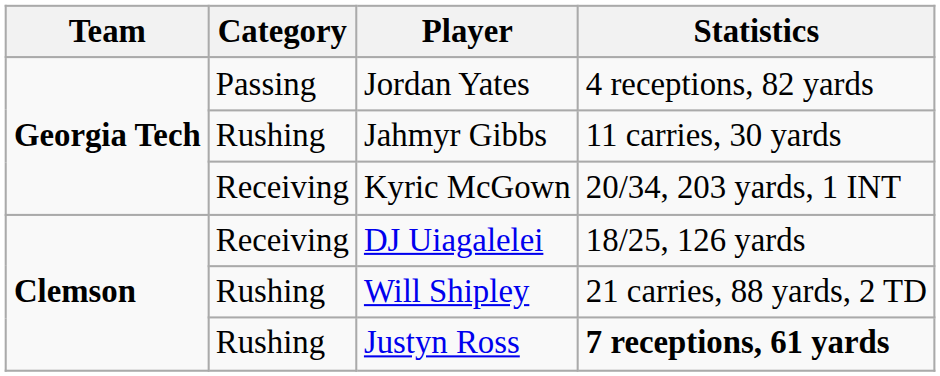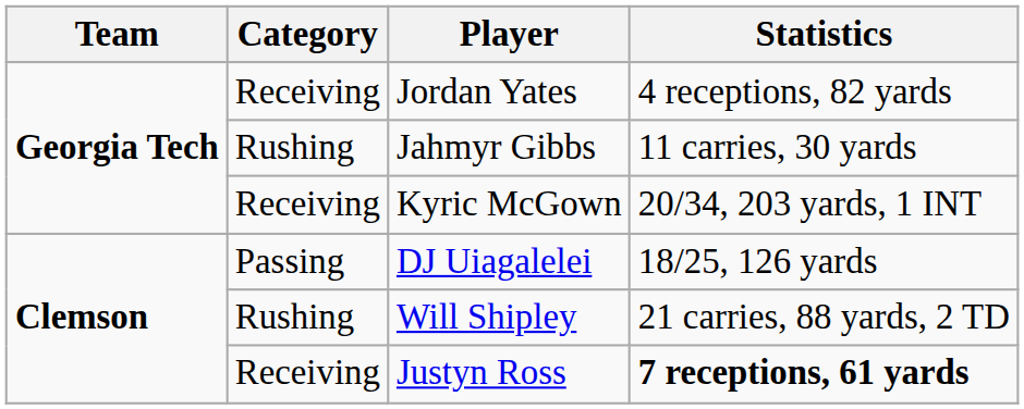 <table class="wikitable" style="float: right;">
 <tr>
 <th>Team</th>
 <th>Category</th>
 <th>Player</th>
 <th>Statistics</th>
 </tr>
 <tr>
 <td rowspan=3><strong>Georgia Tech</strong></td>
-<td>Passing</td>
+<td>Receiving</td>
 <td>Jordan Yates</td>
 <td>4 receptions, 82 yards</td>
 </tr>
 <tr>
 <td>Rushing</td>
 <td>Jahmyr Gibbs</td>
 <td>11 carries, 30 yards</td>
 </tr>
 <tr>
 <td>Receiving</td>
 <td>Kyric McGown</td>
 <td>20/34, 203 yards, 1 INT</td>
 </tr>
 <tr>
 <td rowspan=3><strong>Clemson</strong></td>
-<td>Receiving</td>
+<td>Passing</td>
 <td><a href='#'>DJ Uiagalelei</a></td>
 <td>18/25, 126 yards</td>
 </tr>
 <tr>
 <td>Rushing</td>
 <td><a href='#'>Will Shipley</a></td>
 <td>21 carries, 88 yards, 2 TD</td>
 </tr>
 <tr>
-<td>Rushing</td>
+<td>Receiving</td>
 <td><a href='#'>Justyn Ross</a></td>
 <td><strong>7 receptions, 61 yards</strong></td>
 </tr>
 </table>
